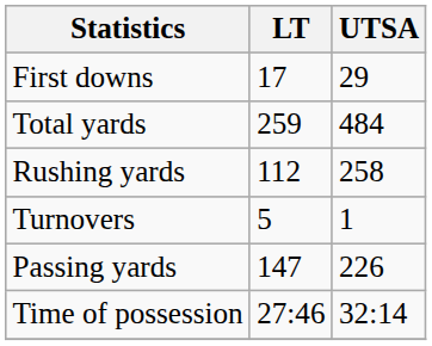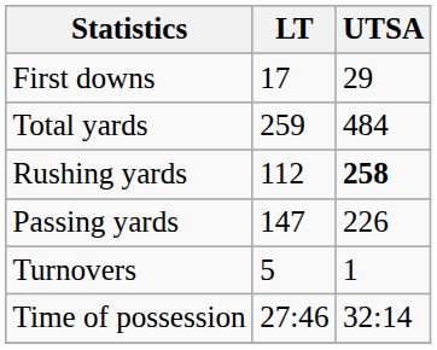 <table class="wikitable">
 <tr>
 <th>Statistics</th>
 <th>LT</th>
 <th>UTSA</th>
 </tr>
 <tr>
 <td>First downs</td>
 <td>17</td>
 <td>29</td>
 </tr>
 <tr>
 <td>Total yards</td>
 <td>259</td>
 <td>484</td>
 </tr>
 <tr>
 <td>Rushing yards</td>
 <td>112</td>
-<td>258</td>
+<td><strong>258</strong></td>
+</tr>
+<tr>
+<td>Passing yards</td>
+<td>147</td>
+<td>226</td>
 </tr>
 <tr>
 <td>Turnovers</td>
 <td>5</td>
 <td>1</td>
-</tr>
-<tr>
-<td>Passing yards</td>
-<td>147</td>
-<td>226</td>
 </tr>
 <tr>
 <td>Time of possession</td>
 <td>27:46</td>
 <td>32:14</td>
 </tr>
 <tr>
 </tr>
 </table>
